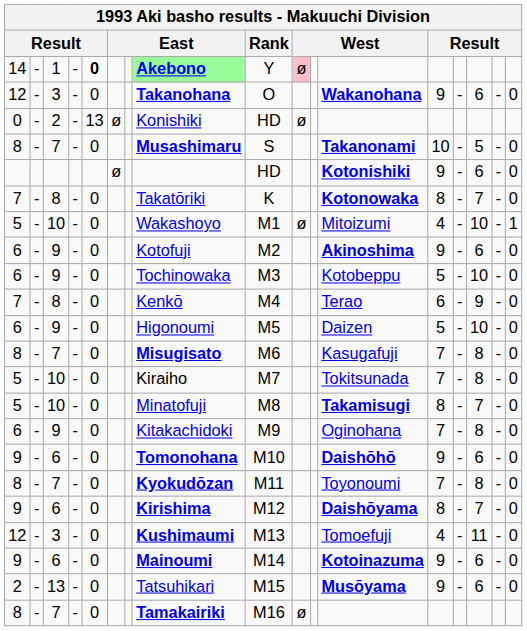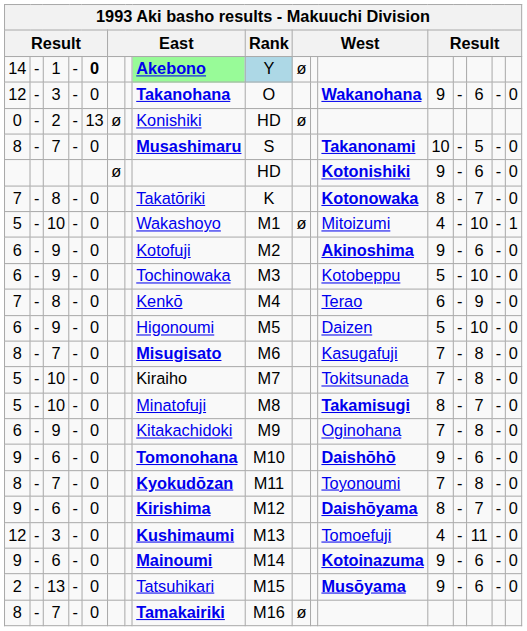 <table class="wikitable">
 <tr>
 <th colspan="17">1993 Aki basho results - Makuuchi Division</th>
 </tr>
 <tr>
 <th colspan="5">Result</th>
 <th colspan="3">East</th>
 <th>Rank</th>
 <th colspan="3">West</th>
 <th colspan="5">Result</th>
 </tr>
 <tr>
 <td align=center>14</td>
 <td align=center>-</td>
 <td align=center>1</td>
 <td align=center>-</td>
 <td align=center><strong>0</strong></td>
 <td align=center></td>
 <td align=center></td>
 <td style="background: PaleGreen;"><strong><a href='#'>Akebono</a></strong></td>
-<td align=center>Y</td>
-<td align=center style="background: pink;">ø</td>
+<td align=center style="background: lightblue;">Y</td>
+<td align=center>ø</td>
 <td align=center></td>
 <td></td>
 <td align=center></td>
 <td align=center></td>
 <td align=center></td>
 <td align=center></td>
 <td align=center></td>
 </tr>
 <tr>
 <td align=center>12</td>
 <td align=center>-</td>
 <td align=center>3</td>
 <td align=center>-</td>
 <td align=center>0</td>
 <td align=center></td>
 <td align=center></td>
 <td><strong><a href='#'>Takanohana</a></strong></td>
 <td align=center>O</td>
 <td align=center></td>
 <td align=center></td>
 <td><strong><a href='#'>Wakanohana</a></strong></td>
 <td align=center>9</td>
 <td align=center>-</td>
 <td align=center>6</td>
 <td align=center>-</td>
 <td align=center>0</td>
 </tr>
 <tr>
 <td align=center>0</td>
 <td align=center>-</td>
 <td align=center>2</td>
 <td align=center>-</td>
 <td align=center>13</td>
 <td align=center>ø</td>
 <td align=center></td>
 <td><a href='#'>Konishiki</a></td>
 <td align=center>HD</td>
 <td align=center>ø</td>
 <td align=center></td>
 <td></td>
 <td align=center></td>
 <td align=center></td>
 <td align=center></td>
 <td align=center></td>
 <td align=center></td>
 </tr>
 <tr>
 <td align=center>8</td>
 <td align=center>-</td>
 <td align=center>7</td>
 <td align=center>-</td>
 <td align=center>0</td>
 <td align=center></td>
 <td align=center></td>
 <td><strong><a href='#'>Musashimaru</a></strong></td>
 <td align=center>S</td>
 <td align=center></td>
 <td align=center></td>
 <td><strong><a href='#'>Takanonami</a></strong></td>
 <td align=center>10</td>
 <td align=center>-</td>
 <td align=center>5</td>
 <td align=center>-</td>
 <td align=center>0</td>
 </tr>
 <tr>
 <td align=center></td>
 <td align=center></td>
 <td align=center></td>
 <td align=center></td>
 <td align=center></td>
 <td align=center>ø</td>
 <td align=center></td>
 <td></td>
 <td align=center>HD</td>
 <td align=center></td>
 <td align=center></td>
 <td><strong><a href='#'>Kotonishiki</a></strong></td>
 <td align=center>9</td>
 <td align=center>-</td>
 <td align=center>6</td>
 <td align=center>-</td>
 <td align=center>0</td>
 </tr>
 <tr>
 <td align=center>7</td>
 <td align=center>-</td>
 <td align=center>8</td>
 <td align=center>-</td>
 <td align=center>0</td>
 <td align=center></td>
 <td align=center></td>
 <td><a href='#'>Takatōriki</a></td>
 <td align=center>K</td>
 <td align=center></td>
 <td align=center></td>
 <td><strong><a href='#'>Kotonowaka</a></strong></td>
 <td align=center>8</td>
 <td align=center>-</td>
 <td align=center>7</td>
 <td align=center>-</td>
 <td align=center>0</td>
 </tr>
 <tr>
 <td align=center>5</td>
 <td align=center>-</td>
 <td align=center>10</td>
 <td align=center>-</td>
 <td align=center>0</td>
 <td align=center></td>
 <td align=center></td>
 <td><a href='#'>Wakashoyo</a></td>
 <td align=center>M1</td>
 <td align=center>ø</td>
 <td align=center></td>
 <td><a href='#'>Mitoizumi</a></td>
 <td align=center>4</td>
 <td align=center>-</td>
 <td align=center>10</td>
 <td align=center>-</td>
 <td align=center>1</td>
 </tr>
 <tr>
 <td align=center>6</td>
 <td align=center>-</td>
 <td align=center>9</td>
 <td align=center>-</td>
 <td align=center>0</td>
 <td align=center></td>
 <td align=center></td>
 <td><a href='#'>Kotofuji</a></td>
 <td align=center>M2</td>
 <td align=center></td>
 <td align=center></td>
 <td><strong><a href='#'>Akinoshima</a></strong></td>
 <td align=center>9</td>
 <td align=center>-</td>
 <td align=center>6</td>
 <td align=center>-</td>
 <td align=center>0</td>
 </tr>
 <tr>
 <td align=center>6</td>
 <td align=center>-</td>
 <td align=center>9</td>
 <td align=center>-</td>
 <td align=center>0</td>
 <td align=center></td>
 <td align=center></td>
 <td><a href='#'>Tochinowaka</a></td>
 <td align=center>M3</td>
 <td align=center></td>
 <td align=center></td>
 <td><a href='#'>Kotobeppu</a></td>
 <td align=center>5</td>
 <td align=center>-</td>
 <td align=center>10</td>
 <td align=center>-</td>
 <td align=center>0</td>
 </tr>
 <tr>
 <td align=center>7</td>
 <td align=center>-</td>
 <td align=center>8</td>
 <td align=center>-</td>
 <td align=center>0</td>
 <td align=center></td>
 <td align=center></td>
 <td><a href='#'>Kenkō</a></td>
 <td align=center>M4</td>
 <td align=center></td>
 <td align=center></td>
 <td><a href='#'>Terao</a></td>
 <td align=center>6</td>
 <td align=center>-</td>
 <td align=center>9</td>
 <td align=center>-</td>
 <td align=center>0</td>
 </tr>
 <tr>
 <td align=center>6</td>
 <td align=center>-</td>
 <td align=center>9</td>
 <td align=center>-</td>
 <td align=center>0</td>
 <td align=center></td>
 <td align=center></td>
 <td><a href='#'>Higonoumi</a></td>
 <td align=center>M5</td>
 <td align=center></td>
 <td align=center></td>
 <td><a href='#'>Daizen</a></td>
 <td align=center>5</td>
 <td align=center>-</td>
 <td align=center>10</td>
 <td align=center>-</td>
 <td align=center>0</td>
 </tr>
 <tr>
 <td align=center>8</td>
 <td align=center>-</td>
 <td align=center>7</td>
 <td align=center>-</td>
 <td align=center>0</td>
 <td align=center></td>
 <td align=center></td>
 <td><strong><a href='#'>Misugisato</a></strong></td>
 <td align=center>M6</td>
 <td align=center></td>
 <td align=center></td>
 <td><a href='#'>Kasugafuji</a></td>
 <td align=center>7</td>
 <td align=center>-</td>
 <td align=center>8</td>
 <td align=center>-</td>
 <td align=center>0</td>
 </tr>
 <tr>
 <td align=center>5</td>
 <td align=center>-</td>
 <td align=center>10</td>
 <td align=center>-</td>
 <td align=center>0</td>
 <td align=center></td>
 <td align=center></td>
 <td>Kiraiho</td>
 <td align=center>M7</td>
 <td align=center></td>
 <td align=center></td>
 <td><a href='#'>Tokitsunada</a></td>
 <td align=center>7</td>
 <td align=center>-</td>
 <td align=center>8</td>
 <td align=center>-</td>
 <td align=center>0</td>
 </tr>
 <tr>
 <td align=center>5</td>
 <td align=center>-</td>
 <td align=center>10</td>
 <td align=center>-</td>
 <td align=center>0</td>
 <td align=center></td>
 <td align=center></td>
 <td><a href='#'>Minatofuji</a></td>
 <td align=center>M8</td>
 <td align=center></td>
 <td align=center></td>
 <td><strong><a href='#'>Takamisugi</a></strong></td>
 <td align=center>8</td>
 <td align=center>-</td>
 <td align=center>7</td>
 <td align=center>-</td>
 <td align=center>0</td>
 </tr>
 <tr>
 <td align=center>6</td>
 <td align=center>-</td>
 <td align=center>9</td>
 <td align=center>-</td>
 <td align=center>0</td>
 <td align=center></td>
 <td align=center></td>
 <td><a href='#'>Kitakachidoki</a></td>
 <td align=center>M9</td>
 <td align=center></td>
 <td align=center></td>
 <td><a href='#'>Oginohana</a></td>
 <td align=center>7</td>
 <td align=center>-</td>
 <td align=center>8</td>
 <td align=center>-</td>
 <td align=center>0</td>
 </tr>
 <tr>
 <td align=center>9</td>
 <td align=center>-</td>
 <td align=center>6</td>
 <td align=center>-</td>
 <td align=center>0</td>
 <td align=center></td>
 <td align=center></td>
 <td><strong><a href='#'>Tomonohana</a></strong></td>
 <td align=center>M10</td>
 <td align=center></td>
 <td align=center></td>
 <td><strong><a href='#'>Daishōhō</a></strong></td>
 <td align=center>9</td>
 <td align=center>-</td>
 <td align=center>6</td>
 <td align=center>-</td>
 <td align=center>0</td>
 </tr>
 <tr>
 <td align=center>8</td>
 <td align=center>-</td>
 <td align=center>7</td>
 <td align=center>-</td>
 <td align=center>0</td>
 <td align=center></td>
 <td align=center></td>
 <td><strong><a href='#'>Kyokudōzan</a></strong></td>
 <td align=center>M11</td>
 <td align=center></td>
 <td align=center></td>
 <td><a href='#'>Toyonoumi</a></td>
 <td align=center>7</td>
 <td align=center>-</td>
 <td align=center>8</td>
 <td align=center>-</td>
 <td align=center>0</td>
 </tr>
 <tr>
 <td align=center>9</td>
 <td align=center>-</td>
 <td align=center>6</td>
 <td align=center>-</td>
 <td align=center>0</td>
 <td align=center></td>
 <td align=center></td>
 <td><strong><a href='#'>Kirishima</a></strong></td>
 <td align=center>M12</td>
 <td align=center></td>
 <td align=center></td>
 <td><strong><a href='#'>Daishōyama</a></strong></td>
 <td align=center>8</td>
 <td align=center>-</td>
 <td align=center>7</td>
 <td align=center>-</td>
 <td align=center>0</td>
 </tr>
 <tr>
 <td align=center>12</td>
 <td align=center>-</td>
 <td align=center>3</td>
 <td align=center>-</td>
 <td align=center>0</td>
 <td align=center></td>
 <td align=center></td>
 <td><strong><a href='#'>Kushimaumi</a></strong></td>
 <td align=center>M13</td>
 <td align=center></td>
 <td align=center></td>
 <td><a href='#'>Tomoefuji</a></td>
 <td align=center>4</td>
 <td align=center>-</td>
 <td align=center>11</td>
 <td align=center>-</td>
 <td align=center>0</td>
 </tr>
 <tr>
 <td align=center>9</td>
 <td align=center>-</td>
 <td align=center>6</td>
 <td align=center>-</td>
 <td align=center>0</td>
 <td align=center></td>
 <td align=center></td>
 <td><strong><a href='#'>Mainoumi</a></strong></td>
 <td align=center>M14</td>
 <td align=center></td>
 <td align=center></td>
 <td><strong><a href='#'>Kotoinazuma</a></strong></td>
 <td align=center>9</td>
 <td align=center>-</td>
 <td align=center>6</td>
 <td align=center>-</td>
 <td align=center>0</td>
 </tr>
 <tr>
 <td align=center>2</td>
 <td align=center>-</td>
 <td align=center>13</td>
 <td align=center>-</td>
 <td align=center>0</td>
 <td align=center></td>
 <td align=center></td>
 <td><a href='#'>Tatsuhikari</a></td>
 <td align=center>M15</td>
 <td align=center></td>
 <td align=center></td>
 <td><strong><a href='#'>Musōyama</a></strong></td>
 <td align=center>9</td>
 <td align=center>-</td>
 <td align=center>6</td>
 <td align=center>-</td>
 <td align=center>0</td>
 </tr>
 <tr>
 <td align=center>8</td>
 <td align=center>-</td>
 <td align=center>7</td>
 <td align=center>-</td>
 <td align=center>0</td>
 <td align=center></td>
 <td align=center></td>
 <td><strong><a href='#'>Tamakairiki</a></strong></td>
 <td align=center>M16</td>
 <td align=center>ø</td>
 <td align=center></td>
 <td></td>
 <td align=center></td>
 <td align=center></td>
 <td align=center></td>
 <td align=center></td>
 <td align=center></td>
 </tr>
 </table>
